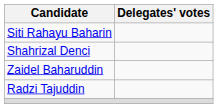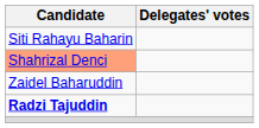 <table class="wikitable">
 <tr>
 <th>Candidate</th>
 <th>Delegates' votes</th>
 </tr>
 <tr>
 <td align="left"><a href='#'>Siti Rahayu Baharin</a></td>
 <td colspan="1"></td>
 </tr>
 <tr>
-<td align="left"><a href='#'>Shahrizal Denci</a></td>
+<td align="left" style="background: lightsalmon;"><a href='#'>Shahrizal Denci</a></td>
 <td colspan="1"></td>
 </tr>
 <tr>
 <td align="left"><a href='#'>Zaidel Baharuddin</a></td>
 <td colspan="1"></td>
 </tr>
 <tr>
-<td align="left"><a href='#'>Radzi Tajuddin</a></td>
+<td align="left"><strong><a href='#'>Radzi Tajuddin</a></strong></td>
 <td colspan="1"></td>
 </tr>
 <tr>
 <td colspan="3" bgcolor="dcdcdc"></td>
 </tr>
 </table>
